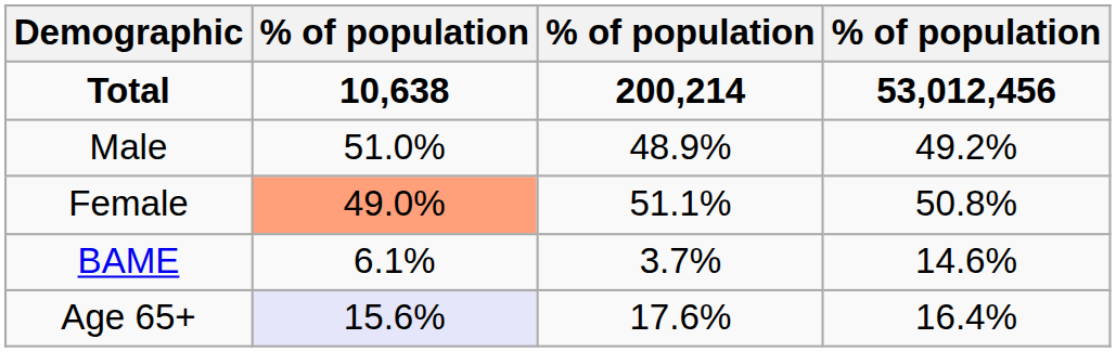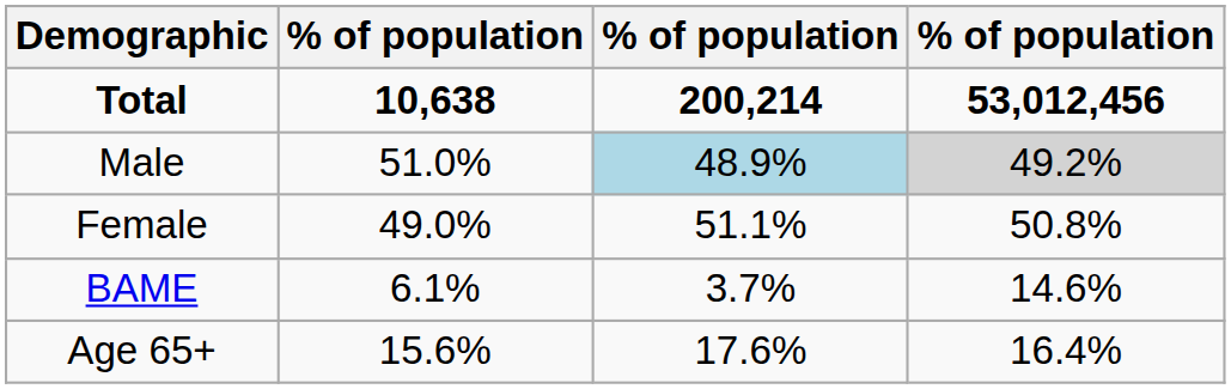 <table class="wikitable sortable" style="text-align: center">
 <tr>
 <th>Demographic</th>
 <th>% of population <br> </th>
 <th>% of population <br> </th>
 <th>% of population  <br> </th>
 </tr>
 <tr>
 <td><strong>Total</strong></td>
 <td><strong>10,638</strong></td>
 <td><strong>200,214</strong></td>
 <td><strong>53,012,456</strong></td>
 </tr>
 <tr>
 <td>Male</td>
 <td>51.0%</td>
-<td>48.9%</td>
-<td>49.2%</td>
+<td style="background: lightblue;">48.9%</td>
+<td style="background: lightgrey;">49.2%</td>
 </tr>
 <tr>
 <td>Female</td>
-<td style="background: lightsalmon;">49.0%</td>
+<td>49.0%</td>
 <td>51.1%</td>
 <td>50.8%</td>
 </tr>
 <tr>
 <td><a href='#'>BAME</a></td>
 <td>6.1%</td>
 <td>3.7%</td>
 <td>14.6%</td>
 </tr>
 <tr>
 <td>Age 65+</td>
-<td style="background: lavender;">15.6%</td>
+<td>15.6%</td>
 <td>17.6%</td>
 <td>16.4%</td>
 </tr>
 </table>
